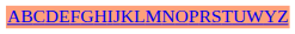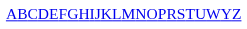 <table id="toc" class="toc" summary="Class">
 <tr>
 <th></th>
 </tr>
 <tr>
-<td style="background: lightsalmon; text-align:center;"><a href='#'>A</a><a href='#'>B</a><a href='#'>C</a><a href='#'>D</a><a href='#'>E</a><a href='#'>F</a><a href='#'>G</a><a href='#'>H</a><a href='#'>I</a><a href='#'>J</a><a href='#'>K</a><a href='#'>L</a><a href='#'>M</a><a href='#'>N</a><a href='#'>O</a><a href='#'>P</a><a href='#'>R</a><a href='#'>S</a><a href='#'>T</a><a href='#'>U</a><a href='#'>W</a><a href='#'>Y</a><a href='#'>Z</a></td>
+<td style="text-align:center;"><a href='#'>A</a><a href='#'>B</a><a href='#'>C</a><a href='#'>D</a><a href='#'>E</a><a href='#'>F</a><a href='#'>G</a><a href='#'>H</a><a href='#'>I</a><a href='#'>J</a><a href='#'>K</a><a href='#'>L</a><a href='#'>M</a><a href='#'>N</a><a href='#'>O</a><a href='#'>P</a><a href='#'>R</a><a href='#'>S</a><a href='#'>T</a><a href='#'>U</a><a href='#'>W</a><a href='#'>Y</a><a href='#'>Z</a></td>
 </tr>
 </table>
